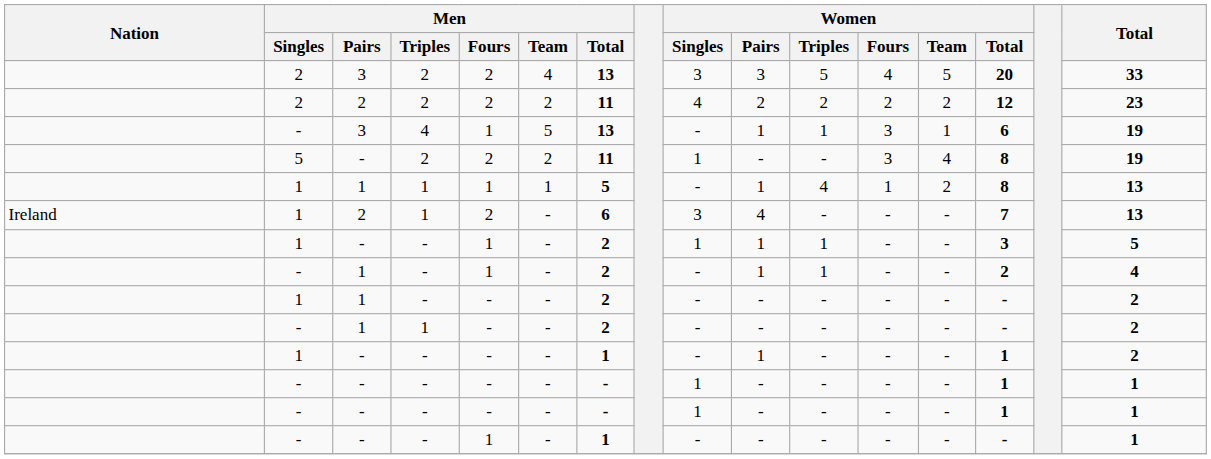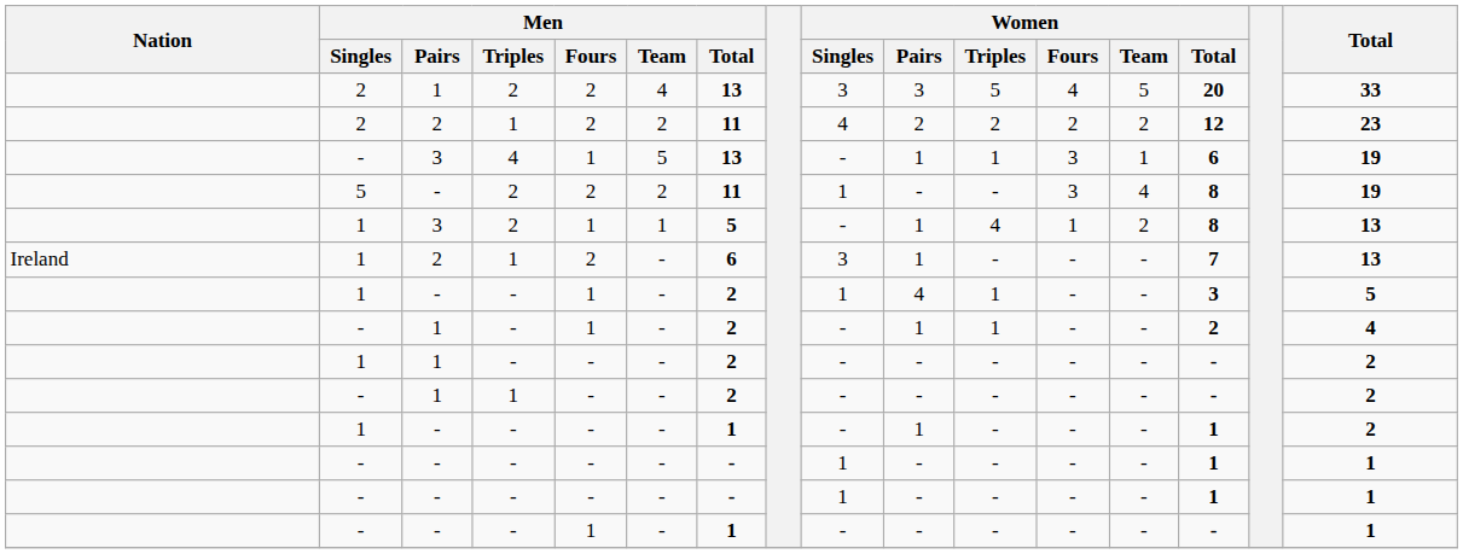 <table class="wikitable" style="text-align: center; width: 85%; font-size:95%">
 <tr>
 <th rowspan=2 width=18% class="wikitable sortable">Nation</th>
 <th colspan=6 width=15% class=unsortable>Men</th>
 <th rowspan="16" width=2%></th>
 <th colspan=6 width=40% class=unsortable>Women</th>
 <th rowspan="16" width=2%></th>
 <th rowspan=2  width=10% class=unsortable>Total</th>
 </tr>
 <tr>
 <th width=4%>Singles</th>
 <th width=4%>Pairs</th>
 <th width=4%>Triples</th>
 <th width=4%>Fours</th>
 <th width=4%>Team</th>
 <th width=4%>Total</th>
 <th width=4%>Singles</th>
 <th width=4%>Pairs</th>
 <th width=4%>Triples</th>
 <th width=4%>Fours</th>
 <th width=4%>Team</th>
 <th width=4%>Total</th>
 </tr>
 <tr align=center>
 <td align=left></td>
 <td>2</td>
-<td>3</td>
+<td>1</td>
 <td>2</td>
 <td>2</td>
 <td>4</td>
 <td><strong>13</strong></td>
 <td>3</td>
 <td>3</td>
 <td>5</td>
 <td>4</td>
 <td>5</td>
 <td><strong>20</strong></td>
 <td><strong>33</strong></td>
 </tr>
 <tr>
 <td align=left></td>
 <td>2</td>
 <td>2</td>
-<td>2</td>
+<td>1</td>
 <td>2</td>
 <td>2</td>
 <td><strong>11</strong></td>
 <td>4</td>
 <td>2</td>
 <td>2</td>
 <td>2</td>
 <td>2</td>
 <td><strong>12</strong></td>
 <td><strong>23</strong></td>
 </tr>
 <tr>
 <td align=left></td>
 <td>-</td>
 <td>3</td>
 <td>4</td>
 <td>1</td>
 <td>5</td>
 <td><strong>13</strong></td>
 <td>-</td>
 <td>1</td>
 <td>1</td>
 <td>3</td>
 <td>1</td>
 <td><strong>6</strong></td>
 <td><strong>19</strong></td>
 </tr>
 <tr>
 <td align=left></td>
 <td>5</td>
 <td>-</td>
 <td>2</td>
 <td>2</td>
 <td>2</td>
 <td><strong>11</strong></td>
 <td>1</td>
 <td>-</td>
 <td>-</td>
 <td>3</td>
 <td>4</td>
 <td><strong>8</strong></td>
 <td><strong>19</strong></td>
 </tr>
 <tr>
 <td align=left></td>
 <td>1</td>
-<td>1</td>
-<td>1</td>
+<td>3</td>
+<td>2</td>
 <td>1</td>
 <td>1</td>
 <td><strong>5</strong></td>
 <td>-</td>
 <td>1</td>
 <td>4</td>
 <td>1</td>
 <td>2</td>
 <td><strong>8</strong></td>
 <td><strong>13</strong></td>
 </tr>
 <tr>
 <td align=left> Ireland</td>
 <td>1</td>
 <td>2</td>
 <td>1</td>
 <td>2</td>
 <td>-</td>
 <td><strong>6</strong></td>
 <td>3</td>
-<td>4</td>
+<td>1</td>
 <td>-</td>
 <td>-</td>
 <td>-</td>
 <td><strong>7</strong></td>
 <td><strong>13</strong></td>
 </tr>
 <tr>
 <td align=left></td>
 <td>1</td>
 <td>-</td>
 <td>-</td>
 <td>1</td>
 <td>-</td>
 <td><strong>2</strong></td>
 <td>1</td>
-<td>1</td>
+<td>4</td>
 <td>1</td>
 <td>-</td>
 <td>-</td>
 <td><strong>3</strong></td>
 <td><strong>5</strong></td>
 </tr>
 <tr>
 <td align=left></td>
 <td>-</td>
 <td>1</td>
 <td>-</td>
 <td>1</td>
 <td>-</td>
 <td><strong>2</strong></td>
 <td>-</td>
 <td>1</td>
 <td>1</td>
 <td>-</td>
 <td>-</td>
 <td><strong>2</strong></td>
 <td><strong>4</strong></td>
 </tr>
 <tr>
 <td align=left></td>
 <td>1</td>
 <td>1</td>
 <td>-</td>
 <td>-</td>
 <td>-</td>
 <td><strong>2</strong></td>
 <td>-</td>
 <td>-</td>
 <td>-</td>
 <td>-</td>
 <td>-</td>
 <td><strong>-</strong></td>
 <td><strong>2</strong></td>
 </tr>
 <tr>
 <td align=left></td>
 <td>-</td>
 <td>1</td>
 <td>1</td>
 <td>-</td>
 <td>-</td>
 <td><strong>2</strong></td>
 <td>-</td>
 <td>-</td>
 <td>-</td>
 <td>-</td>
 <td>-</td>
 <td><strong>-</strong></td>
 <td><strong>2</strong></td>
 </tr>
 <tr>
 <td align=left></td>
 <td>1</td>
 <td>-</td>
 <td>-</td>
 <td>-</td>
 <td>-</td>
 <td><strong>1</strong></td>
 <td>-</td>
 <td>1</td>
 <td>-</td>
 <td>-</td>
 <td>-</td>
 <td><strong>1</strong></td>
 <td><strong>2</strong></td>
 </tr>
 <tr>
 <td align=left></td>
 <td>-</td>
 <td>-</td>
 <td>-</td>
 <td>-</td>
 <td>-</td>
 <td><strong>-</strong></td>
 <td>1</td>
 <td>-</td>
 <td>-</td>
 <td>-</td>
 <td>-</td>
 <td><strong>1</strong></td>
 <td><strong>1</strong></td>
 </tr>
 <tr>
 <td align=left></td>
 <td>-</td>
 <td>-</td>
 <td>-</td>
 <td>-</td>
 <td>-</td>
 <td><strong>-</strong></td>
 <td>1</td>
 <td>-</td>
 <td>-</td>
 <td>-</td>
 <td>-</td>
 <td><strong>1</strong></td>
 <td><strong>1</strong></td>
 </tr>
 <tr>
 <td align=left></td>
 <td>-</td>
 <td>-</td>
 <td>-</td>
 <td>1</td>
 <td>-</td>
 <td><strong>1</strong></td>
 <td>-</td>
 <td>-</td>
 <td>-</td>
 <td>-</td>
 <td>-</td>
 <td><strong>-</strong></td>
 <td><strong>1</strong></td>
 </tr>
 <tr>
 </tr>
 </table>
